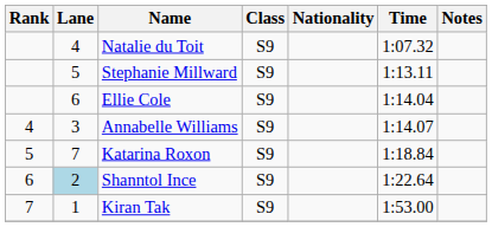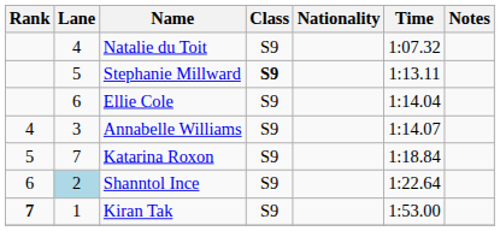 <table class="wikitable sortable" style="text-align:center">
 <tr>
 <th>Rank</th>
 <th>Lane</th>
 <th>Name</th>
 <th>Class</th>
 <th>Nationality</th>
 <th>Time</th>
 <th>Notes</th>
 </tr>
 <tr>
 <td></td>
 <td>4</td>
 <td align=left><a href='#'>Natalie du Toit</a></td>
 <td>S9</td>
 <td align=left></td>
 <td>1:07.32</td>
 <td></td>
 </tr>
 <tr>
 <td></td>
 <td>5</td>
 <td align=left><a href='#'>Stephanie Millward</a></td>
-<td>S9</td>
+<td><strong>S9</strong></td>
 <td align=left></td>
 <td>1:13.11</td>
 <td></td>
 </tr>
 <tr>
 <td></td>
 <td>6</td>
 <td align=left><a href='#'>Ellie Cole</a></td>
 <td>S9</td>
 <td align=left></td>
 <td>1:14.04</td>
 <td></td>
 </tr>
 <tr>
 <td>4</td>
 <td>3</td>
 <td align=left><a href='#'>Annabelle Williams</a></td>
 <td>S9</td>
 <td align=left></td>
 <td>1:14.07</td>
 <td></td>
 </tr>
 <tr>
 <td>5</td>
 <td>7</td>
 <td align=left><a href='#'>Katarina Roxon</a></td>
 <td>S9</td>
 <td align=left></td>
 <td>1:18.84</td>
 <td></td>
 </tr>
 <tr>
 <td>6</td>
 <td style="background: lightblue;">2</td>
 <td align=left><a href='#'>Shanntol Ince</a></td>
 <td>S9</td>
 <td align=left></td>
 <td>1:22.64</td>
 <td></td>
 </tr>
 <tr>
-<td>7</td>
+<td><strong>7</strong></td>
 <td>1</td>
 <td align=left><a href='#'>Kiran Tak</a></td>
 <td>S9</td>
 <td align=left></td>
 <td>1:53.00</td>
 <td></td>
 </tr>
 <tr>
 </tr>
 </table>
